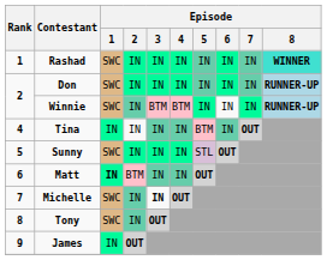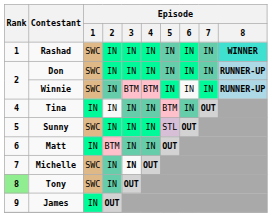 <table class="wikitable" style="text-align: center; font-size: 8.5pt; line-height:20px;">
 <tr>
 <th rowspan=2>Rank</th>
 <th rowspan=2>Contestant</th>
 <th colspan=10>Episode</th>
 </tr>
 <tr>
 <th>1</th>
 <th>2</th>
 <th>3</th>
 <th>4</th>
 <th>5</th>
 <th>6</th>
 <th>7</th>
 <th>8</th>
 </tr>
 <tr>
 <td><strong>1</strong></td>
 <td><strong>Rashad</strong></td>
 <td style="background:#DEB887;">SWC</td>
 <td style="background:#00FA9A;">IN</td>
 <td style="background:#00FA9A;">IN</td>
 <td style="background:#00FA9A;">IN</td>
 <td style="background:#66CDAA;">IN</td>
 <td style="background:#00FA9A;">IN</td>
 <td style="background:#66CDAA;">IN</td>
 <td style="background:turquoise"><strong>WINNER</strong></td>
 </tr>
 <tr>
 <td rowspan="2"><strong>2</strong></td>
 <td><strong>Don</strong></td>
 <td style="background:#DEB887;">SWC</td>
 <td style="background:#00FA9A;">IN</td>
 <td style="background:#00FA9A;">IN</td>
 <td style="background:#00FA9A;">IN</td>
 <td style="background:#66CDAA;">IN</td>
 <td style="background:#00FA9A;">IN</td>
 <td style="background:#66CDAA;">IN</td>
 <td style="background:lightblue"><strong>RUNNER-UP</strong></td>
 </tr>
 <tr>
 <td><strong>Winnie</strong></td>
 <td style="background:#DEB887;">SWC</td>
 <td style="background:#66CDAA;">IN</td>
 <td style="background:pink;">BTM</td>
 <td style="background:pink;">BTM</td>
 <td style="background:#00FA9A;">IN</td>
 <td>IN</td>
 <td style="background:#00FA9A;">IN</td>
 <td style="background:lightblue"><strong>RUNNER-UP</strong></td>
 </tr>
 <tr>
 <td><strong>4</strong></td>
 <td><strong>Tina</strong></td>
 <td style="background:#00FA9A;">IN</td>
 <td>IN</td>
 <td style="background:#66CDAA;">IN</td>
 <td style="background:#66CDAA;">IN</td>
 <td style="background:pink;">BTM</td>
 <td style="background:#66CDAA;">IN</td>
 <td style="background:lightgray;"><strong>OUT</strong></td>
 <td colspan="8" style="background:darkgrey;"></td>
 </tr>
 <tr>
 <td><strong>5</strong></td>
 <td><strong>Sunny</strong></td>
 <td style="background:#DEB887;">SWC</td>
 <td style="background:#00FA9A;">IN</td>
 <td style="background:#00FA9A;">IN</td>
 <td style="background:#00FA9A;">IN</td>
 <td style="background:#D8BFD8;">STL</td>
 <td style="background:lightgray;"><strong>OUT</strong></td>
 <td colspan="8" style="background:darkgrey;"></td>
 </tr>
 <tr>
 <td><strong>6</strong></td>
 <td><strong>Matt</strong></td>
-<td style="background:#00FA9A;"><strong>IN</strong></td>
+<td style="background:#00FA9A;">IN</td>
 <td style="background:pink;">BTM</td>
 <td style="background:#66CDAA;">IN</td>
 <td style="background:#66CDAA;">IN</td>
 <td style="background:lightgray;"><strong>OUT</strong></td>
 <td colspan="8" style="background:darkgrey;"></td>
 </tr>
 <tr>
 <td><strong>7</strong></td>
 <td><strong>Michelle</strong></td>
 <td style="background:#DEB887;">SWC</td>
 <td style="background:#66CDAA;">IN</td>
 <td><strong>IN</strong></td>
 <td style="background:lightgray;"><strong>OUT</strong></td>
 <td colspan="8" style="background:darkgrey;"></td>
 </tr>
 <tr>
-<td><strong>8</strong></td>
+<td style="background: lightgreen;"><strong>8</strong></td>
 <td><strong>Tony</strong></td>
 <td style="background:#DEB887;">SWC</td>
 <td style="background:#66CDAA;">IN</td>
 <td style="background:lightgray;"><strong>OUT</strong></td>
 <td colspan="8" style="background:darkgrey;"></td>
 </tr>
 <tr>
 <td><strong>9</strong></td>
 <td><strong>James</strong></td>
 <td style="background:#00FA9A;">IN</td>
 <td style="background:lightgray;"><strong>OUT</strong></td>
 <td colspan="8" style="background:darkgrey;"></td>
 </tr>
 <tr>
 </tr>
 </table>
